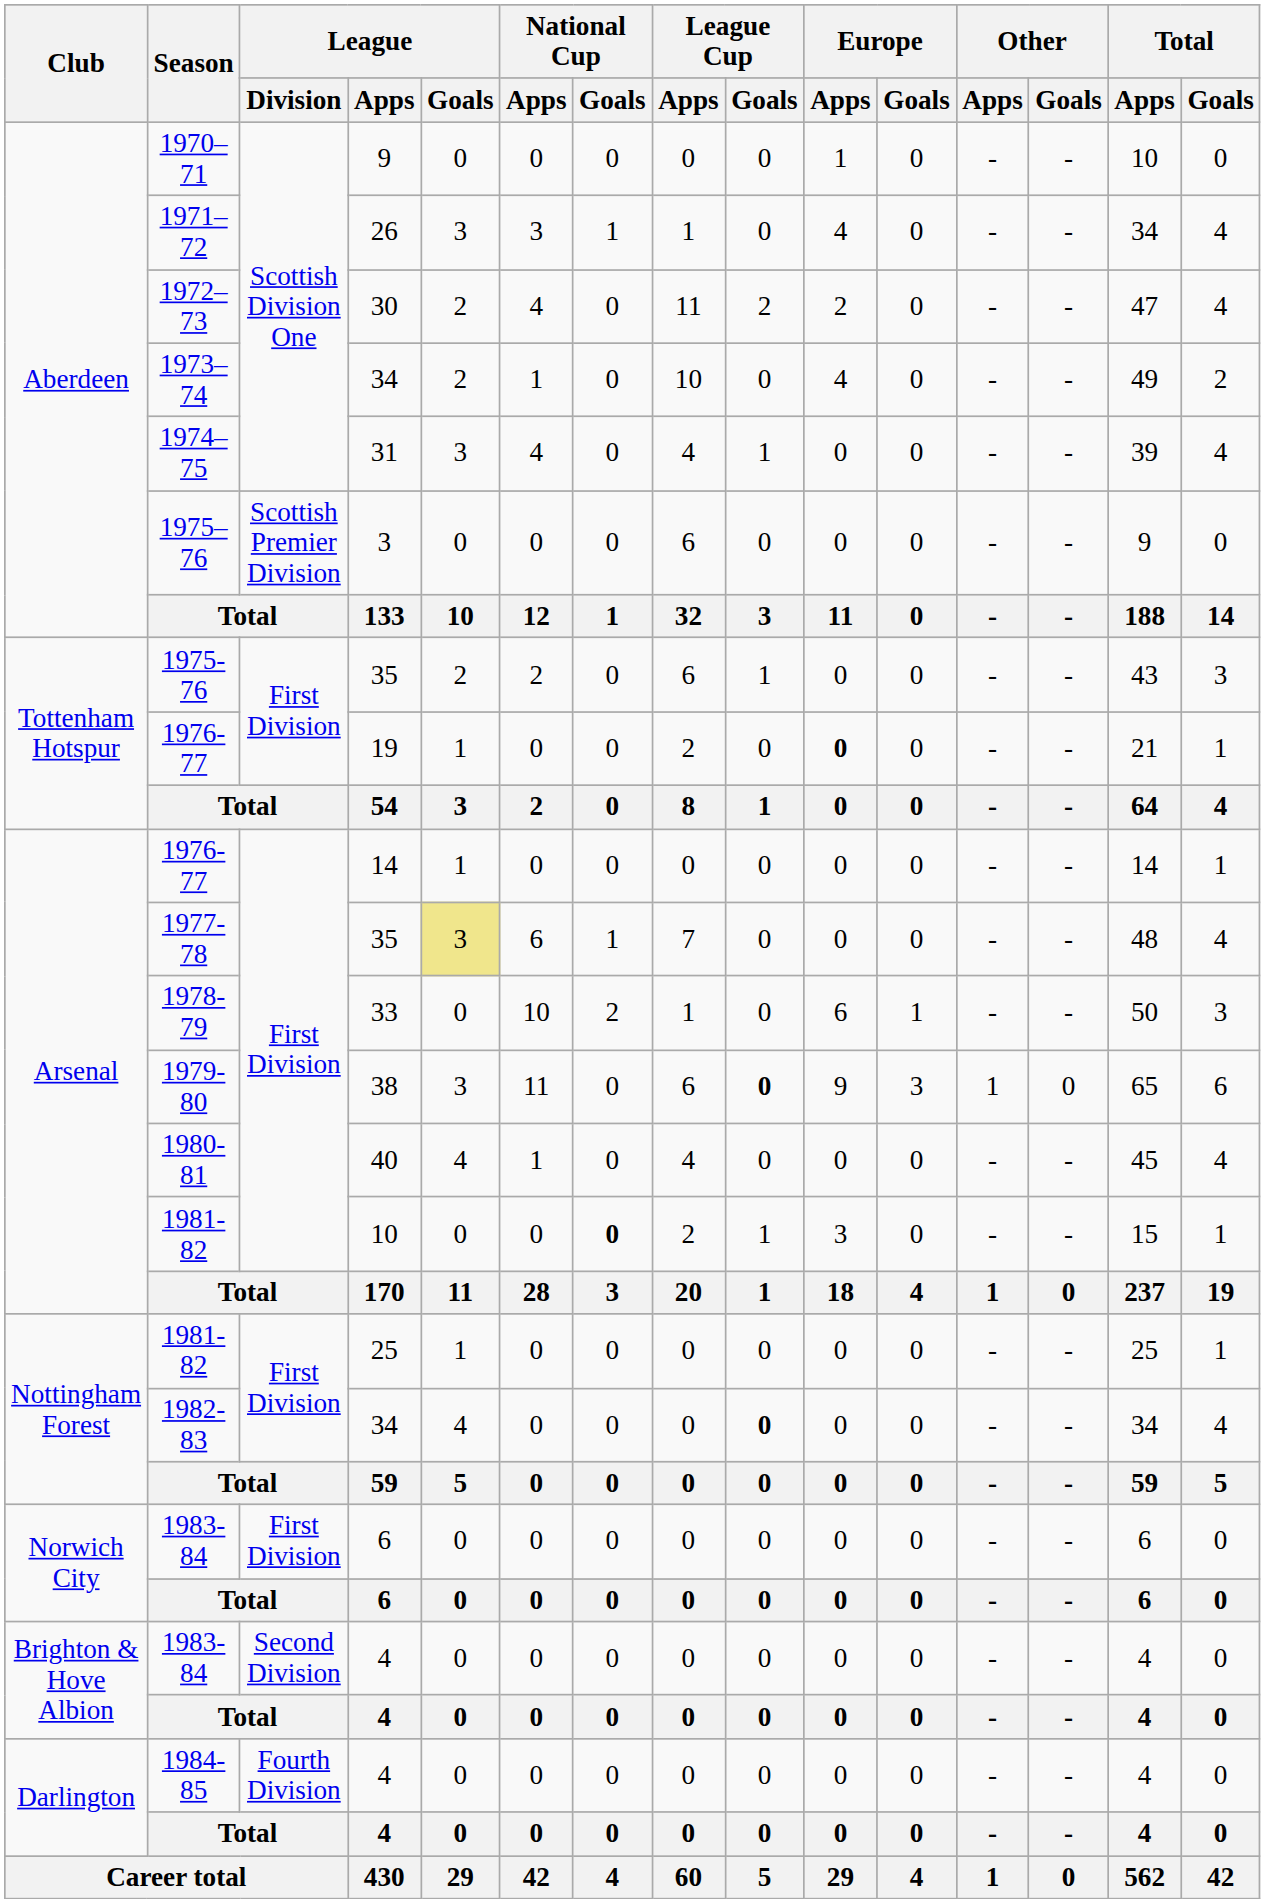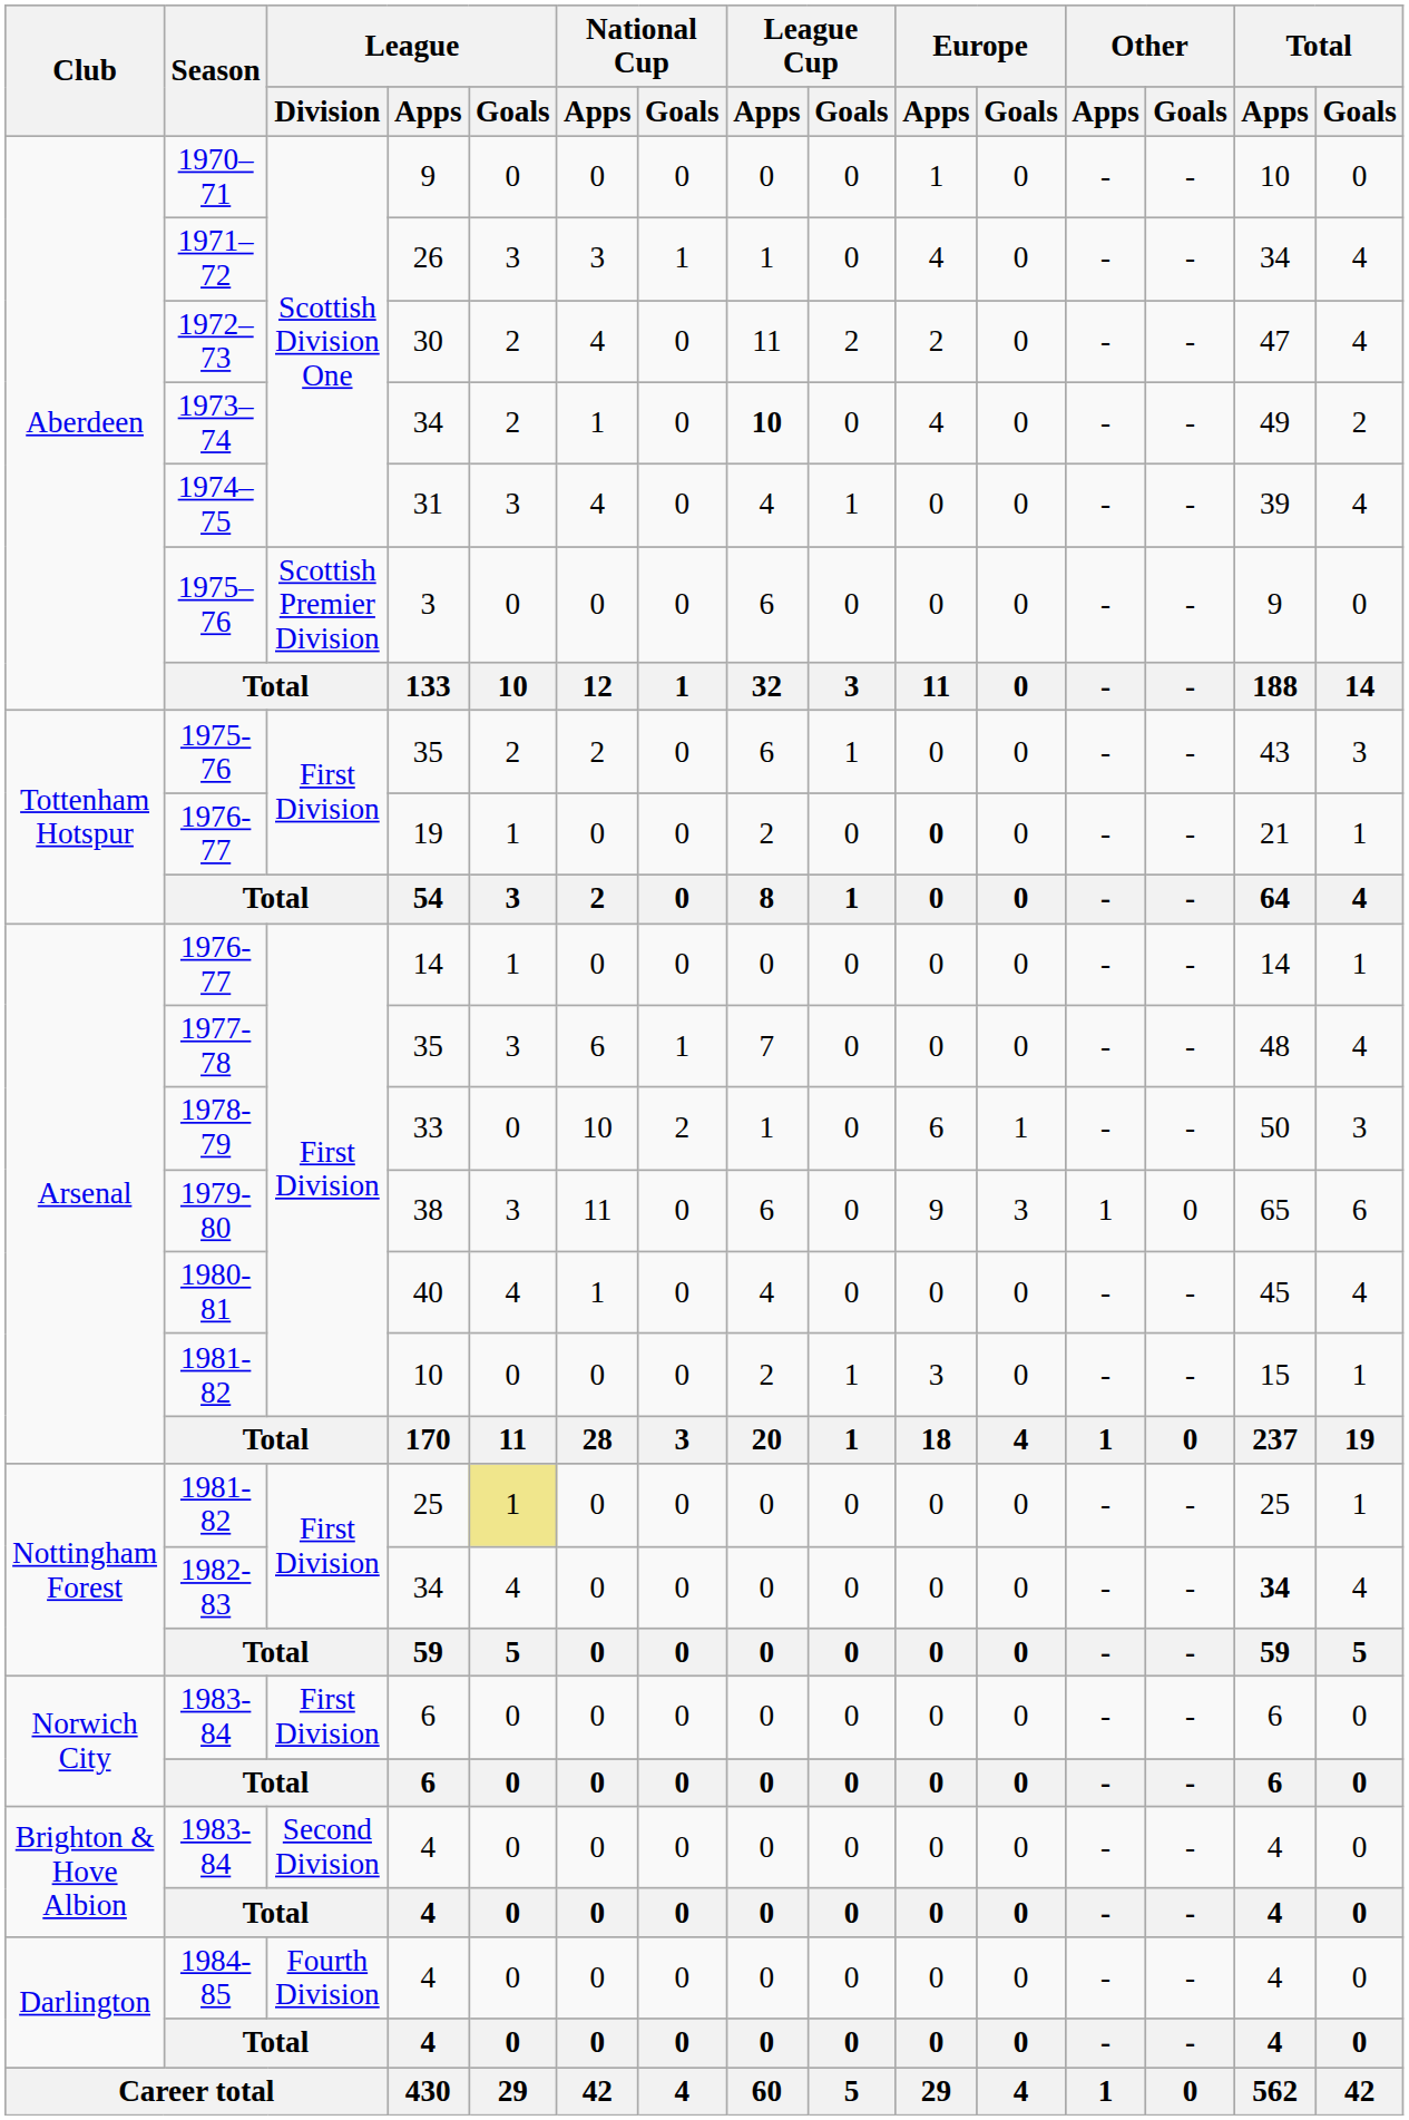 <table class="wikitable" style="text-align:center">
 <tr>
 <th rowspan="2">Club</th>
 <th rowspan="2">Season</th>
 <th colspan="3">League</th>
 <th colspan="2">National Cup</th>
 <th colspan="2">League Cup</th>
 <th colspan="2">Europe</th>
 <th colspan="2">Other</th>
 <th colspan="2">Total</th>
 </tr>
 <tr>
 <th>Division</th>
 <th>Apps</th>
 <th>Goals</th>
 <th>Apps</th>
 <th>Goals</th>
 <th>Apps</th>
 <th>Goals</th>
 <th>Apps</th>
 <th>Goals</th>
 <th>Apps</th>
 <th>Goals</th>
 <th>Apps</th>
 <th>Goals</th>
 </tr>
 <tr>
 <td rowspan="7"><a href='#'>Aberdeen</a></td>
 <td><a href='#'>1970–71</a></td>
 <td rowspan="5"><a href='#'>Scottish Division One</a></td>
 <td>9</td>
 <td>0</td>
 <td>0</td>
 <td>0</td>
 <td>0</td>
 <td>0</td>
 <td>1</td>
 <td>0</td>
 <td>-</td>
 <td>-</td>
 <td>10</td>
 <td>0</td>
 </tr>
 <tr>
 <td><a href='#'>1971–72</a></td>
 <td>26</td>
 <td>3</td>
 <td>3</td>
 <td>1</td>
 <td>1</td>
 <td>0</td>
 <td>4</td>
 <td>0</td>
 <td>-</td>
 <td>-</td>
 <td>34</td>
 <td>4</td>
 </tr>
 <tr>
 <td><a href='#'>1972–73</a></td>
 <td>30</td>
 <td>2</td>
 <td>4</td>
 <td>0</td>
 <td>11</td>
 <td>2</td>
 <td>2</td>
 <td>0</td>
 <td>-</td>
 <td>-</td>
 <td>47</td>
 <td>4</td>
 </tr>
 <tr>
 <td><a href='#'>1973–74</a></td>
 <td>34</td>
 <td>2</td>
 <td>1</td>
 <td>0</td>
-<td>10</td>
+<td><strong>10</strong></td>
 <td>0</td>
 <td>4</td>
 <td>0</td>
 <td>-</td>
 <td>-</td>
 <td>49</td>
 <td>2</td>
 </tr>
 <tr>
 <td><a href='#'>1974–75</a></td>
 <td>31</td>
 <td>3</td>
 <td>4</td>
 <td>0</td>
 <td>4</td>
 <td>1</td>
 <td>0</td>
 <td>0</td>
 <td>-</td>
 <td>-</td>
 <td>39</td>
 <td>4</td>
 </tr>
 <tr>
 <td><a href='#'>1975–76</a></td>
 <td><a href='#'>Scottish Premier Division</a></td>
 <td>3</td>
 <td>0</td>
 <td>0</td>
 <td>0</td>
 <td>6</td>
 <td>0</td>
 <td>0</td>
 <td>0</td>
 <td>-</td>
 <td>-</td>
 <td>9</td>
 <td>0</td>
 </tr>
 <tr>
 <th colspan="2">Total</th>
 <th>133</th>
 <th>10</th>
 <th>12</th>
 <th>1</th>
 <th>32</th>
 <th>3</th>
 <th>11</th>
 <th>0</th>
 <th>-</th>
 <th>-</th>
 <th>188</th>
 <th>14</th>
 </tr>
 <tr>
 <td rowspan="3"><a href='#'>Tottenham Hotspur</a></td>
 <td><a href='#'>1975-76</a></td>
 <td rowspan="2"><a href='#'>First Division</a></td>
 <td>35</td>
 <td>2</td>
 <td>2</td>
 <td>0</td>
 <td>6</td>
 <td>1</td>
 <td>0</td>
 <td>0</td>
 <td>-</td>
 <td>-</td>
 <td>43</td>
 <td>3</td>
 </tr>
 <tr>
 <td><a href='#'>1976-77</a></td>
 <td>19</td>
 <td>1</td>
 <td>0</td>
 <td>0</td>
 <td>2</td>
 <td>0</td>
 <td><strong>0</strong></td>
 <td>0</td>
 <td>-</td>
 <td>-</td>
 <td>21</td>
 <td>1</td>
 </tr>
 <tr>
 <th colspan="2">Total</th>
 <th>54</th>
 <th>3</th>
 <th>2</th>
 <th>0</th>
 <th>8</th>
 <th>1</th>
 <th>0</th>
 <th>0</th>
 <th>-</th>
 <th>-</th>
 <th>64</th>
 <th>4</th>
 </tr>
 <tr>
 <td rowspan="7"><a href='#'>Arsenal</a></td>
 <td><a href='#'>1976-77</a></td>
 <td rowspan="6"><a href='#'>First Division</a></td>
 <td>14</td>
 <td>1</td>
 <td>0</td>
 <td>0</td>
 <td>0</td>
 <td>0</td>
 <td>0</td>
 <td>0</td>
 <td>-</td>
 <td>-</td>
 <td>14</td>
 <td>1</td>
 </tr>
 <tr>
 <td><a href='#'>1977-78</a></td>
 <td>35</td>
-<td style="background: khaki;">3</td>
+<td>3</td>
 <td>6</td>
 <td>1</td>
 <td>7</td>
 <td>0</td>
 <td>0</td>
 <td>0</td>
 <td>-</td>
 <td>-</td>
 <td>48</td>
 <td>4</td>
 </tr>
 <tr>
 <td><a href='#'>1978-79</a></td>
 <td>33</td>
 <td>0</td>
 <td>10</td>
 <td>2</td>
 <td>1</td>
 <td>0</td>
 <td>6</td>
 <td>1</td>
 <td>-</td>
 <td>-</td>
 <td>50</td>
 <td>3</td>
 </tr>
 <tr>
 <td><a href='#'>1979-80</a></td>
 <td>38</td>
 <td>3</td>
 <td>11</td>
 <td>0</td>
 <td>6</td>
-<td><strong>0</strong></td>
+<td>0</td>
 <td>9</td>
 <td>3</td>
 <td>1</td>
 <td>0</td>
 <td>65</td>
 <td>6</td>
 </tr>
 <tr>
 <td><a href='#'>1980-81</a></td>
 <td>40</td>
 <td>4</td>
 <td>1</td>
 <td>0</td>
 <td>4</td>
 <td>0</td>
 <td>0</td>
 <td>0</td>
 <td>-</td>
 <td>-</td>
 <td>45</td>
 <td>4</td>
 </tr>
 <tr>
 <td><a href='#'>1981-82</a></td>
 <td>10</td>
 <td>0</td>
 <td>0</td>
-<td><strong>0</strong></td>
+<td>0</td>
 <td>2</td>
 <td>1</td>
 <td>3</td>
 <td>0</td>
 <td>-</td>
 <td>-</td>
 <td>15</td>
 <td>1</td>
 </tr>
 <tr>
 <th colspan="2">Total</th>
 <th>170</th>
 <th>11</th>
 <th>28</th>
 <th>3</th>
 <th>20</th>
 <th>1</th>
 <th>18</th>
 <th>4</th>
 <th>1</th>
 <th>0</th>
 <th>237</th>
 <th>19</th>
 </tr>
 <tr>
 <td rowspan="3"><a href='#'>Nottingham Forest</a></td>
 <td><a href='#'>1981-82</a></td>
 <td rowspan="2"><a href='#'>First Division</a></td>
 <td>25</td>
-<td>1</td>
+<td style="background: khaki;">1</td>
 <td>0</td>
 <td>0</td>
 <td>0</td>
 <td>0</td>
 <td>0</td>
 <td>0</td>
 <td>-</td>
 <td>-</td>
 <td>25</td>
 <td>1</td>
 </tr>
 <tr>
 <td><a href='#'>1982-83</a></td>
 <td>34</td>
 <td>4</td>
 <td>0</td>
 <td>0</td>
 <td>0</td>
-<td><strong>0</strong></td>
+<td>0</td>
 <td>0</td>
 <td>0</td>
 <td>-</td>
 <td>-</td>
-<td>34</td>
+<td><strong>34</strong></td>
 <td>4</td>
 </tr>
 <tr>
 <th colspan="2">Total</th>
 <th>59</th>
 <th>5</th>
 <th>0</th>
 <th>0</th>
 <th>0</th>
 <th>0</th>
 <th>0</th>
 <th>0</th>
 <th>-</th>
 <th>-</th>
 <th>59</th>
 <th>5</th>
 </tr>
 <tr>
 <td rowspan="2"><a href='#'>Norwich City</a></td>
 <td><a href='#'>1983-84</a></td>
 <td><a href='#'>First Division</a></td>
 <td>6</td>
 <td>0</td>
 <td>0</td>
 <td>0</td>
 <td>0</td>
 <td>0</td>
 <td>0</td>
 <td>0</td>
 <td>-</td>
 <td>-</td>
 <td>6</td>
 <td>0</td>
 </tr>
 <tr>
 <th colspan="2">Total</th>
 <th>6</th>
 <th>0</th>
 <th>0</th>
 <th>0</th>
 <th>0</th>
 <th>0</th>
 <th>0</th>
 <th>0</th>
 <th>-</th>
 <th>-</th>
 <th>6</th>
 <th>0</th>
 </tr>
 <tr>
 <td rowspan="2"><a href='#'>Brighton & Hove Albion</a></td>
 <td><a href='#'>1983-84</a></td>
 <td><a href='#'>Second Division</a></td>
 <td>4</td>
 <td>0</td>
 <td>0</td>
 <td>0</td>
 <td>0</td>
 <td>0</td>
 <td>0</td>
 <td>0</td>
 <td>-</td>
 <td>-</td>
 <td>4</td>
 <td>0</td>
 </tr>
 <tr>
 <th colspan="2">Total</th>
 <th>4</th>
 <th>0</th>
 <th>0</th>
 <th>0</th>
 <th>0</th>
 <th>0</th>
 <th>0</th>
 <th>0</th>
 <th>-</th>
 <th>-</th>
 <th>4</th>
 <th>0</th>
 </tr>
 <tr>
 <td rowspan="2"><a href='#'>Darlington</a></td>
 <td><a href='#'>1984-85</a></td>
 <td><a href='#'>Fourth Division</a></td>
 <td>4</td>
 <td>0</td>
 <td>0</td>
 <td>0</td>
 <td>0</td>
 <td>0</td>
 <td>0</td>
 <td>0</td>
 <td>-</td>
 <td>-</td>
 <td>4</td>
 <td>0</td>
 </tr>
 <tr>
 <th colspan="2">Total</th>
 <th>4</th>
 <th>0</th>
 <th>0</th>
 <th>0</th>
 <th>0</th>
 <th>0</th>
 <th>0</th>
 <th>0</th>
 <th>-</th>
 <th>-</th>
 <th>4</th>
 <th>0</th>
 </tr>
 <tr>
 <th colspan="3">Career total</th>
 <th>430</th>
 <th>29</th>
 <th>42</th>
 <th>4</th>
 <th>60</th>
 <th>5</th>
 <th>29</th>
 <th>4</th>
 <th>1</th>
 <th>0</th>
 <th>562</th>
 <th>42</th>
 </tr>
 </table>
